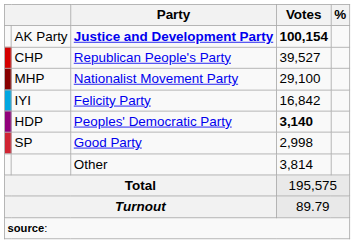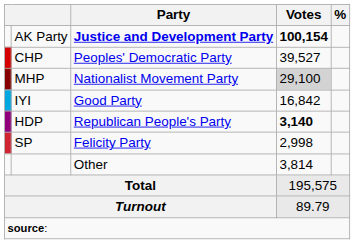 <table class="wikitable">
 <tr>
 <th colspan="2" align="center"></th>
 <th align="center">Party</th>
 <th align="center">Votes</th>
 <th align="center">%</th>
 </tr>
 <tr align="left">
 <td></td>
 <td>AK Party</td>
 <td><strong><a href='#'>Justice and Development Party</a></strong></td>
 <td><strong>100,154</strong></td>
 <td><strong></strong></td>
 </tr>
 <tr align="left">
 <td bgcolor="#d50000" width="1"></td>
 <td>CHP</td>
-<td><a href='#'>Republican People's Party</a></td>
+<td><a href='#'>Peoples' Democratic Party</a></td>
 <td>39,527</td>
 <td></td>
 </tr>
 <tr align="left">
 <td bgcolor="#870000" width="1"></td>
 <td>MHP</td>
 <td><a href='#'>Nationalist Movement Party</a></td>
-<td>29,100</td>
+<td style="background: lightgrey;">29,100</td>
 <td></td>
 </tr>
 <tr align="left">
 <td bgcolor="#01A7E1" width="1"></td>
 <td>IYI</td>
-<td><a href='#'>Felicity Party</a></td>
+<td><a href='#'>Good Party</a></td>
 <td>16,842</td>
 <td></td>
 </tr>
 <tr align="left">
 <td bgcolor="#91007B" width="1"></td>
 <td>HDP</td>
-<td><a href='#'>Peoples' Democratic Party</a></td>
+<td><a href='#'>Republican People's Party</a></td>
 <td><strong>3,140</strong></td>
 <td></td>
 </tr>
 <tr align="left">
 <td bgcolor="#D02433" width="1"></td>
 <td>SP</td>
-<td><a href='#'>Good Party</a></td>
+<td><a href='#'>Felicity Party</a></td>
 <td>2,998</td>
 <td></td>
 </tr>
 <tr align="left">
 <td bgcolor="" width="1"></td>
 <td></td>
 <td>Other</td>
 <td>3,814</td>
 <td></td>
 </tr>
 <tr align="left" style="background-color:#E9E9E9">
 <th colspan="3" align="center"><strong>Total</strong></th>
 <td colspan="5" align="center">195,575</td>
 </tr>
 <tr align="left" style="background-color:#E9E9E9">
 <th colspan="3" align="center"><em>Turnout</em></th>
 <td colspan="5" align="center">89.79</td>
 </tr>
 <tr>
 <td colspan="9" align="left"><small><strong>source</strong>: </small></td>
 </tr>
 </table>
